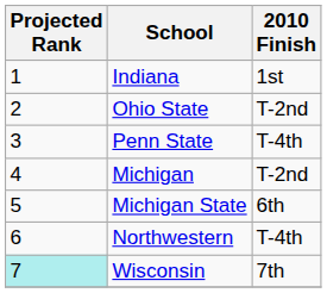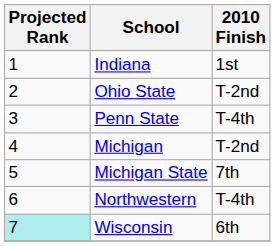 <table class="wikitable sortable" style="text-align: left;">
 <tr>
 <th>Projected<br>Rank</th>
 <th>School</th>
 <th>2010<br>Finish</th>
 </tr>
 <tr>
 <td>1</td>
 <td><a href='#'>Indiana</a></td>
 <td>1st</td>
 </tr>
 <tr>
 <td>2</td>
 <td><a href='#'>Ohio State</a></td>
 <td>T-2nd</td>
 </tr>
 <tr>
 <td>3</td>
 <td><a href='#'>Penn State</a></td>
 <td>T-4th</td>
 </tr>
 <tr>
 <td>4</td>
 <td><a href='#'>Michigan</a></td>
 <td>T-2nd</td>
 </tr>
 <tr>
 <td>5</td>
 <td><a href='#'>Michigan State</a></td>
-<td>6th</td>
+<td>7th</td>
 </tr>
 <tr>
 <td>6</td>
 <td><a href='#'>Northwestern</a></td>
 <td>T-4th</td>
 </tr>
 <tr>
 <td style="background: paleturquoise;">7</td>
 <td><a href='#'>Wisconsin</a></td>
-<td>7th</td>
+<td>6th</td>
 </tr>
 <tr>
 </tr>
 </table>
